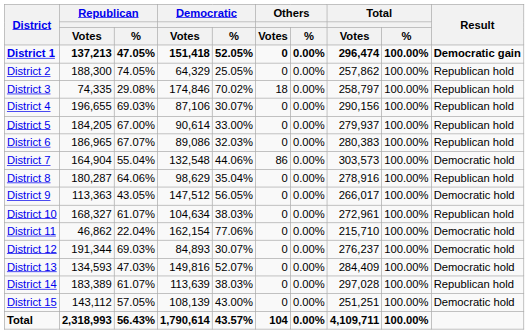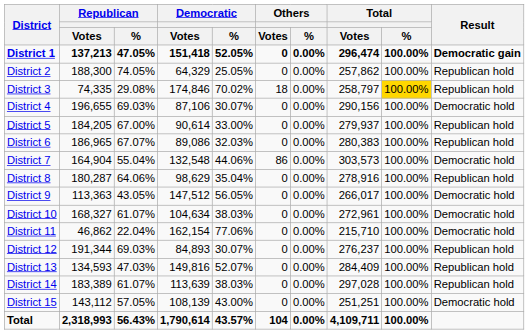 <table class="wikitable plainrowheaders sortable" style="font-size:100%; text-align:right;">
 <tr>
 <th scope=col rowspan=3><a href='#'>District</a></th>
 <th scope=col colspan=2><a href='#'>Republican</a></th>
 <th scope=col colspan=2><a href='#'>Democratic</a></th>
 <th scope=col colspan=2>Others</th>
 <th scope=col colspan=2>Total</th>
 <th scope=col rowspan=3>Result</th>
 </tr>
 <tr>
 <th scope=col colspan=2 style="background:"></th>
 <th scope=col colspan=2 style="background:"></th>
 <th scope=col colspan=2></th>
 <th scope=col colspan=2></th>
 </tr>
 <tr>
 <th scope=col data-sort-type="number">Votes</th>
 <th scope=col data-sort-type="number">%</th>
 <th scope=col data-sort-type="number">Votes</th>
 <th scope=col data-sort-type="number">%</th>
 <th scope=col data-sort-type="number">Votes</th>
 <th scope=col data-sort-type="number">%</th>
 <th scope=col data-sort-type="number">Votes</th>
 <th scope=col data-sort-type="number">%</th>
 </tr>
 <tr>
 <td align=left><strong><a href='#'>District 1</a></strong></td>
 <td><strong>137,213</strong></td>
 <td><strong>47.05% </strong></td>
 <td><strong>151,418</strong></td>
 <td><strong>52.05%</strong></td>
 <td><strong> 0 </strong></td>
 <td><strong>0.00%</strong></td>
 <td><strong>296,474</strong></td>
 <td><strong>100.00%</strong></td>
 <td align=left><strong>Democratic gain</strong></td>
 </tr>
 <tr>
 <td align=left><a href='#'>District 2</a></td>
 <td>188,300</td>
 <td>74.05%</td>
 <td>64,329</td>
 <td>25.05%</td>
 <td>0</td>
 <td>0.00%</td>
 <td>257,862</td>
 <td>100.00%</td>
 <td align=left>Republican hold</td>
 </tr>
 <tr>
 <td align=left><a href='#'>District 3</a></td>
 <td>74,335</td>
 <td>29.08%</td>
 <td>174,846</td>
 <td>70.02%</td>
 <td>18</td>
 <td>0.00%</td>
 <td>258,797</td>
-<td>100.00%</td>
+<td style="background: gold;">100.00%</td>
 <td align=left>Republican hold</td>
 </tr>
 <tr>
 <td align=left><a href='#'>District 4</a></td>
 <td>196,655</td>
 <td>69.03%</td>
 <td>87,106</td>
 <td>30.07%</td>
 <td>0</td>
 <td>0.00%</td>
 <td>290,156</td>
 <td>100.00%</td>
-<td align=left>Republican hold</td>
+<td align=left>Democratic hold</td>
 </tr>
 <tr>
 <td align=left><a href='#'>District 5</a></td>
 <td>184,205</td>
 <td>67.00%</td>
 <td>90,614</td>
 <td>33.00%</td>
 <td>0</td>
 <td>0.00%</td>
 <td>279,937</td>
 <td>100.00%</td>
 <td align=left>Republican hold</td>
 </tr>
 <tr>
 <td align=left><a href='#'>District 6</a></td>
 <td>186,965</td>
 <td>67.07%</td>
 <td>89,086</td>
 <td>32.03%</td>
 <td>0</td>
 <td>0.00%</td>
 <td>280,383</td>
 <td>100.00%</td>
 <td align=left>Republican hold</td>
 </tr>
 <tr>
 <td align=left><a href='#'>District 7</a></td>
 <td>164,904</td>
 <td>55.04%</td>
 <td>132,548</td>
 <td>44.06%</td>
 <td>86</td>
 <td>0.00%</td>
 <td>303,573</td>
 <td>100.00%</td>
 <td align=left>Democratic hold</td>
 </tr>
 <tr>
 <td align=left><a href='#'>District 8</a></td>
 <td>180,287</td>
 <td>64.06%</td>
 <td>98,629</td>
 <td>35.04%</td>
 <td>0</td>
 <td>0.00%</td>
 <td>278,916</td>
 <td>100.00%</td>
 <td align=left>Republican hold</td>
 </tr>
 <tr>
 <td align=left><a href='#'>District 9</a></td>
 <td>113,363</td>
 <td>43.05%</td>
 <td>147,512</td>
 <td>56.05%</td>
 <td>0</td>
 <td>0.00%</td>
 <td>266,017</td>
 <td>100.00%</td>
 <td align=left>Democratic hold</td>
 </tr>
 <tr>
 <td align=left><a href='#'>District 10</a></td>
 <td>168,327</td>
 <td>61.07%</td>
 <td>104,634</td>
 <td>38.03%</td>
 <td>0</td>
 <td>0.00%</td>
 <td>272,961</td>
 <td>100.00%</td>
-<td align=left>Republican hold</td>
+<td align=left>Democratic hold</td>
 </tr>
 <tr>
 <td align=left><a href='#'>District 11</a></td>
 <td>46,862</td>
 <td>22.04%</td>
 <td>162,154</td>
 <td>77.06%</td>
 <td>0</td>
 <td>0.00%</td>
 <td>215,710</td>
 <td>100.00%</td>
 <td align=left>Democratic hold</td>
 </tr>
 <tr>
 <td align=left><a href='#'>District 12</a></td>
 <td>191,344</td>
 <td>69.03%</td>
 <td>84,893</td>
 <td>30.07%</td>
 <td>0</td>
 <td>0.00%</td>
 <td>276,237</td>
 <td>100.00%</td>
-<td align=left>Democratic hold</td>
+<td align=left>Republican hold</td>
 </tr>
 <tr>
 <td align=left><a href='#'>District 13</a></td>
 <td>134,593</td>
 <td>47.03%</td>
 <td>149,816</td>
 <td>52.07%</td>
 <td>0</td>
 <td>0.00%</td>
 <td>284,409</td>
 <td>100.00%</td>
-<td align=left>Democratic hold</td>
+<td align=left>Republican hold</td>
 </tr>
 <tr>
 <td align=left><a href='#'>District 14</a></td>
 <td>183,389</td>
 <td>61.07%</td>
 <td>113,639</td>
 <td>38.03%</td>
 <td>0</td>
 <td>0.00%</td>
 <td>297,028</td>
 <td>100.00%</td>
 <td align=left>Republican hold</td>
 </tr>
 <tr>
 <td align=left><a href='#'>District 15</a></td>
 <td>143,112</td>
 <td>57.05%</td>
 <td>108,139</td>
 <td>43.00%</td>
 <td>0</td>
 <td>0.00%</td>
 <td>251,251</td>
 <td>100.00%</td>
 <td align=left>Democratic hold</td>
 </tr>
 <tr class="sortbottom" style="font-weight:bold">
 <td align=left>Total</td>
 <td>2,318,993</td>
 <td>56.43%</td>
 <td>1,790,614</td>
 <td>43.57%</td>
 <td>104</td>
 <td>0.00%</td>
 <td>4,109,711</td>
 <td>100.00%</td>
 <td></td>
 </tr>
 </table>
